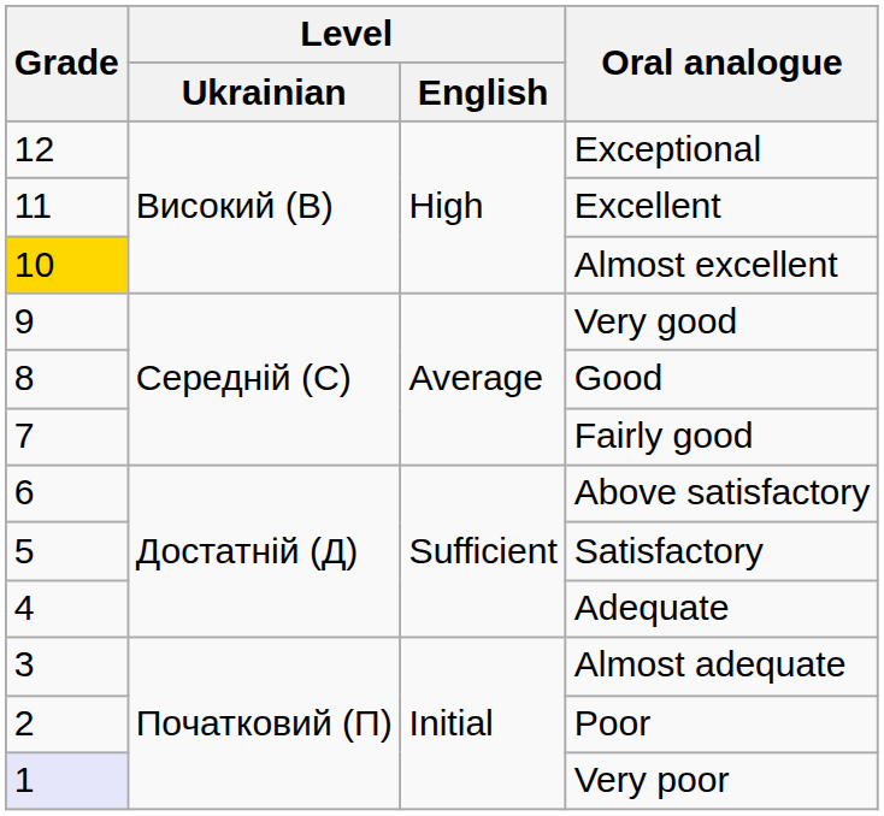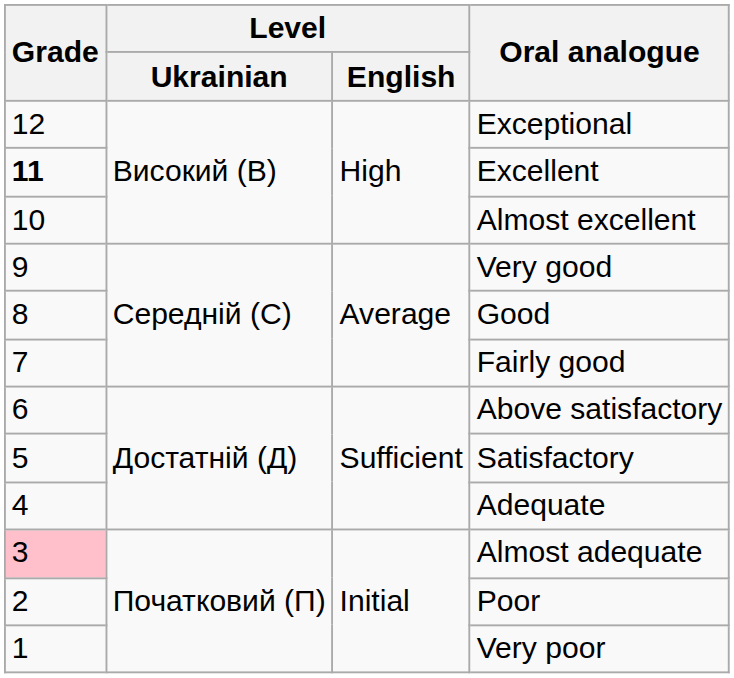 <table class="wikitable">
 <tr>
 <th rowspan="2">Grade</th>
 <th colspan="2">Level</th>
 <th rowspan="2">Oral analogue</th>
 </tr>
 <tr>
 <th>Ukrainian</th>
 <th>English</th>
 </tr>
 <tr>
 <td>12</td>
 <td rowspan="3">Високий (В)</td>
 <td rowspan="3">High</td>
 <td>Exceptional</td>
 </tr>
 <tr>
-<td>11</td>
+<td><strong>11</strong></td>
 <td>Excellent</td>
 </tr>
 <tr>
-<td style="background: gold;">10</td>
+<td>10</td>
 <td>Almost excellent</td>
 </tr>
 <tr>
 <td>9</td>
 <td rowspan="3">Середній (С)</td>
 <td rowspan="3">Average</td>
 <td>Very good</td>
 </tr>
 <tr>
 <td>8</td>
 <td>Good</td>
 </tr>
 <tr>
 <td>7</td>
 <td>Fairly good</td>
 </tr>
 <tr>
 <td>6</td>
 <td rowspan="3">Достатній (Д)</td>
 <td rowspan="3">Sufficient</td>
 <td>Above satisfactory</td>
 </tr>
 <tr>
 <td>5</td>
 <td>Satisfactory</td>
 </tr>
 <tr>
 <td>4</td>
 <td>Adequate</td>
 </tr>
 <tr>
-<td>3</td>
+<td style="background: pink;">3</td>
 <td rowspan="3">Початковий (П)</td>
 <td rowspan="3">Initial</td>
 <td>Almost adequate</td>
 </tr>
 <tr>
 <td>2</td>
 <td>Poor</td>
 </tr>
 <tr>
-<td style="background: lavender;">1</td>
+<td>1</td>
 <td>Very poor</td>
 </tr>
 </table>
